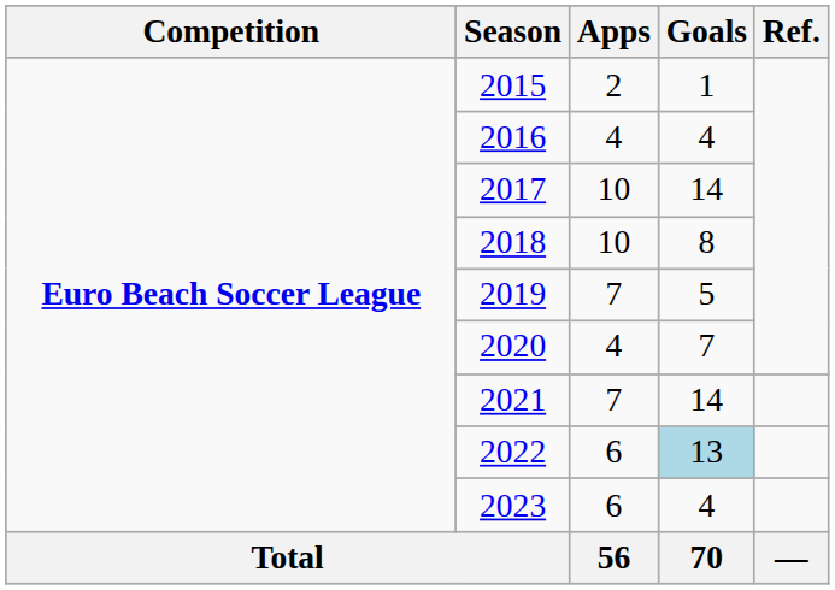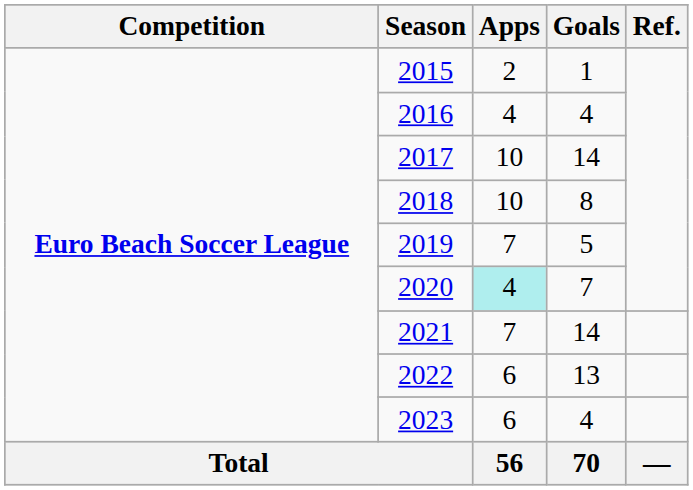 <table class="wikitable" style="text-align:center;">
 <tr>
 <th>Competition</th>
 <th>Season</th>
 <th>Apps</th>
 <th>Goals</th>
 <th>Ref.</th>
 </tr>
 <tr>
 <td rowspan="9" width=210><strong><a href='#'>Euro Beach Soccer League</a></strong></td>
 <td><a href='#'>2015</a></td>
 <td>2</td>
 <td>1</td>
 <td rowspan=6></td>
 </tr>
 <tr>
 <td><a href='#'>2016</a></td>
 <td>4</td>
 <td>4</td>
 </tr>
 <tr>
 <td><a href='#'>2017</a></td>
 <td>10</td>
 <td>14</td>
 </tr>
 <tr>
 <td><a href='#'>2018</a></td>
 <td>10</td>
 <td>8</td>
 </tr>
 <tr>
 <td><a href='#'>2019</a></td>
 <td>7</td>
 <td>5</td>
 </tr>
 <tr>
 <td><a href='#'>2020</a></td>
-<td>4</td>
+<td style="background: paleturquoise;">4</td>
 <td>7</td>
 </tr>
 <tr>
 <td><a href='#'>2021</a></td>
 <td>7</td>
 <td>14</td>
 <td></td>
 </tr>
 <tr>
 <td><a href='#'>2022</a></td>
 <td>6</td>
-<td style="background: lightblue;">13</td>
+<td>13</td>
 <td></td>
 </tr>
 <tr>
 <td><a href='#'>2023</a></td>
 <td>6</td>
 <td>4</td>
 <td></td>
 </tr>
 <tr>
 <th colspan=2>Total</th>
 <th>56</th>
 <th>70</th>
 <th>—</th>
 </tr>
 </table>
